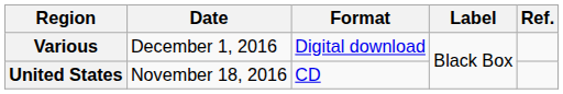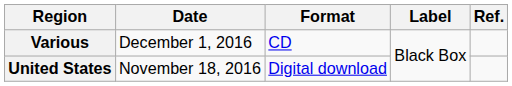 <table class="wikitable sortable plainrowheaders">
 <tr>
 <th scope="col">Region</th>
 <th scope="col">Date</th>
 <th scope="col">Format</th>
 <th scope="col">Label</th>
 <th scope="col">Ref.</th>
 </tr>
 <tr>
 <th scope="row">Various</th>
 <td>December 1, 2016</td>
-<td><a href='#'>Digital download</a></td>
+<td><a href='#'>CD</a></td>
 <td rowspan="2">Black Box</td>
 <td></td>
 </tr>
 <tr>
 <th scope="row">United States</th>
 <td>November 18, 2016</td>
-<td><a href='#'>CD</a></td>
+<td><a href='#'>Digital download</a></td>
 <td></td>
 </tr>
 </table>
